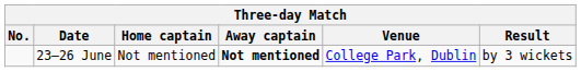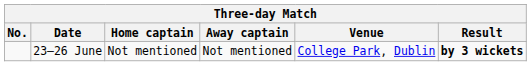 <table class="wikitable">
 <tr>
 <th colspan="9">Three-day Match</th>
 </tr>
 <tr>
 <th>No.</th>
 <th>Date</th>
 <th>Home captain</th>
 <th>Away captain</th>
 <th>Venue</th>
 <th>Result</th>
 </tr>
 <tr>
 <td></td>
 <td>23–26 June</td>
 <td>Not mentioned</td>
-<td><strong>Not mentioned</strong></td>
+<td>Not mentioned</td>
 <td><a href='#'>College Park</a>, <a href='#'>Dublin</a></td>
-<td> by 3 wickets</td>
+<td><strong> by 3 wickets</strong></td>
 </tr>
 </table>
